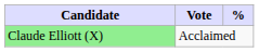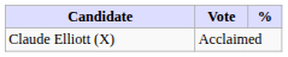 <table class="wikitable">
 <tr>
 <th style="background:#ddf; width:200px;">Candidate</th>
 <th style="background:#ddf; width:50px;">Vote</th>
 <th style="background:#ddf; width:30px;">%</th>
 </tr>
 <tr>
-<td style="background: lightgreen;">Claude Elliott (X)</td>
+<td>Claude Elliott (X)</td>
 <td colspan="2">Acclaimed</td>
 </tr>
 </table>
